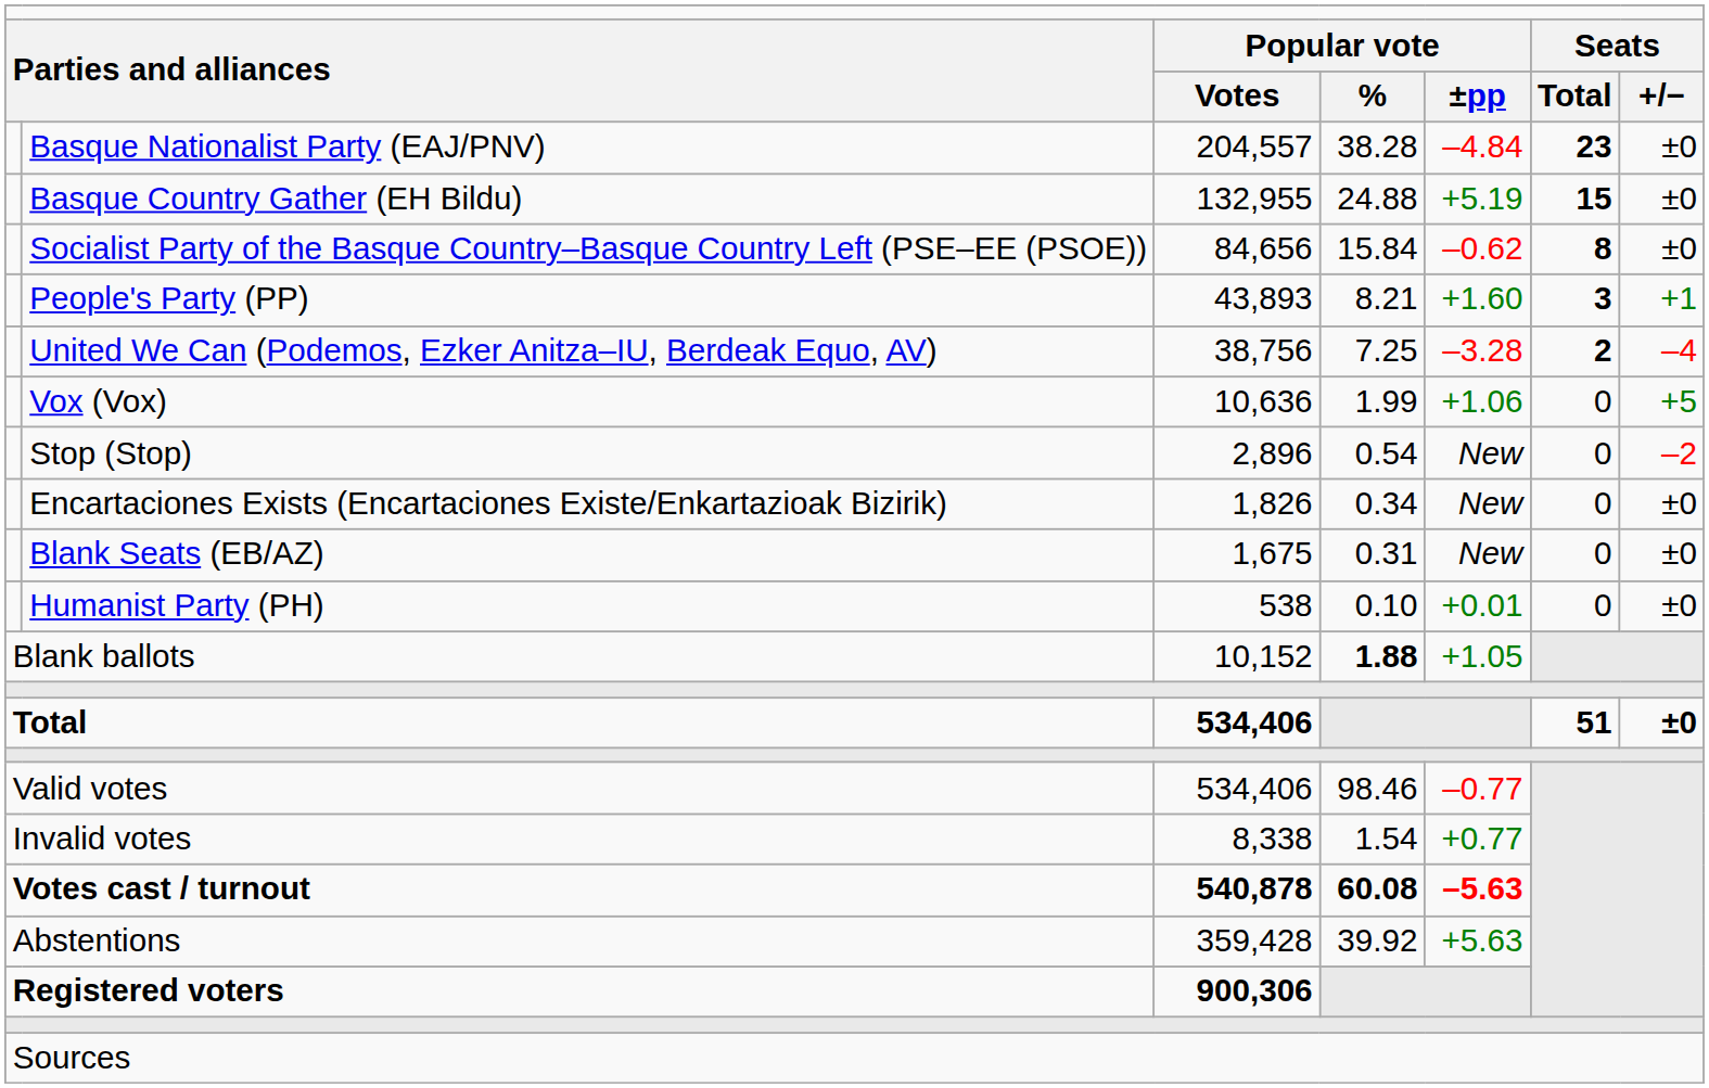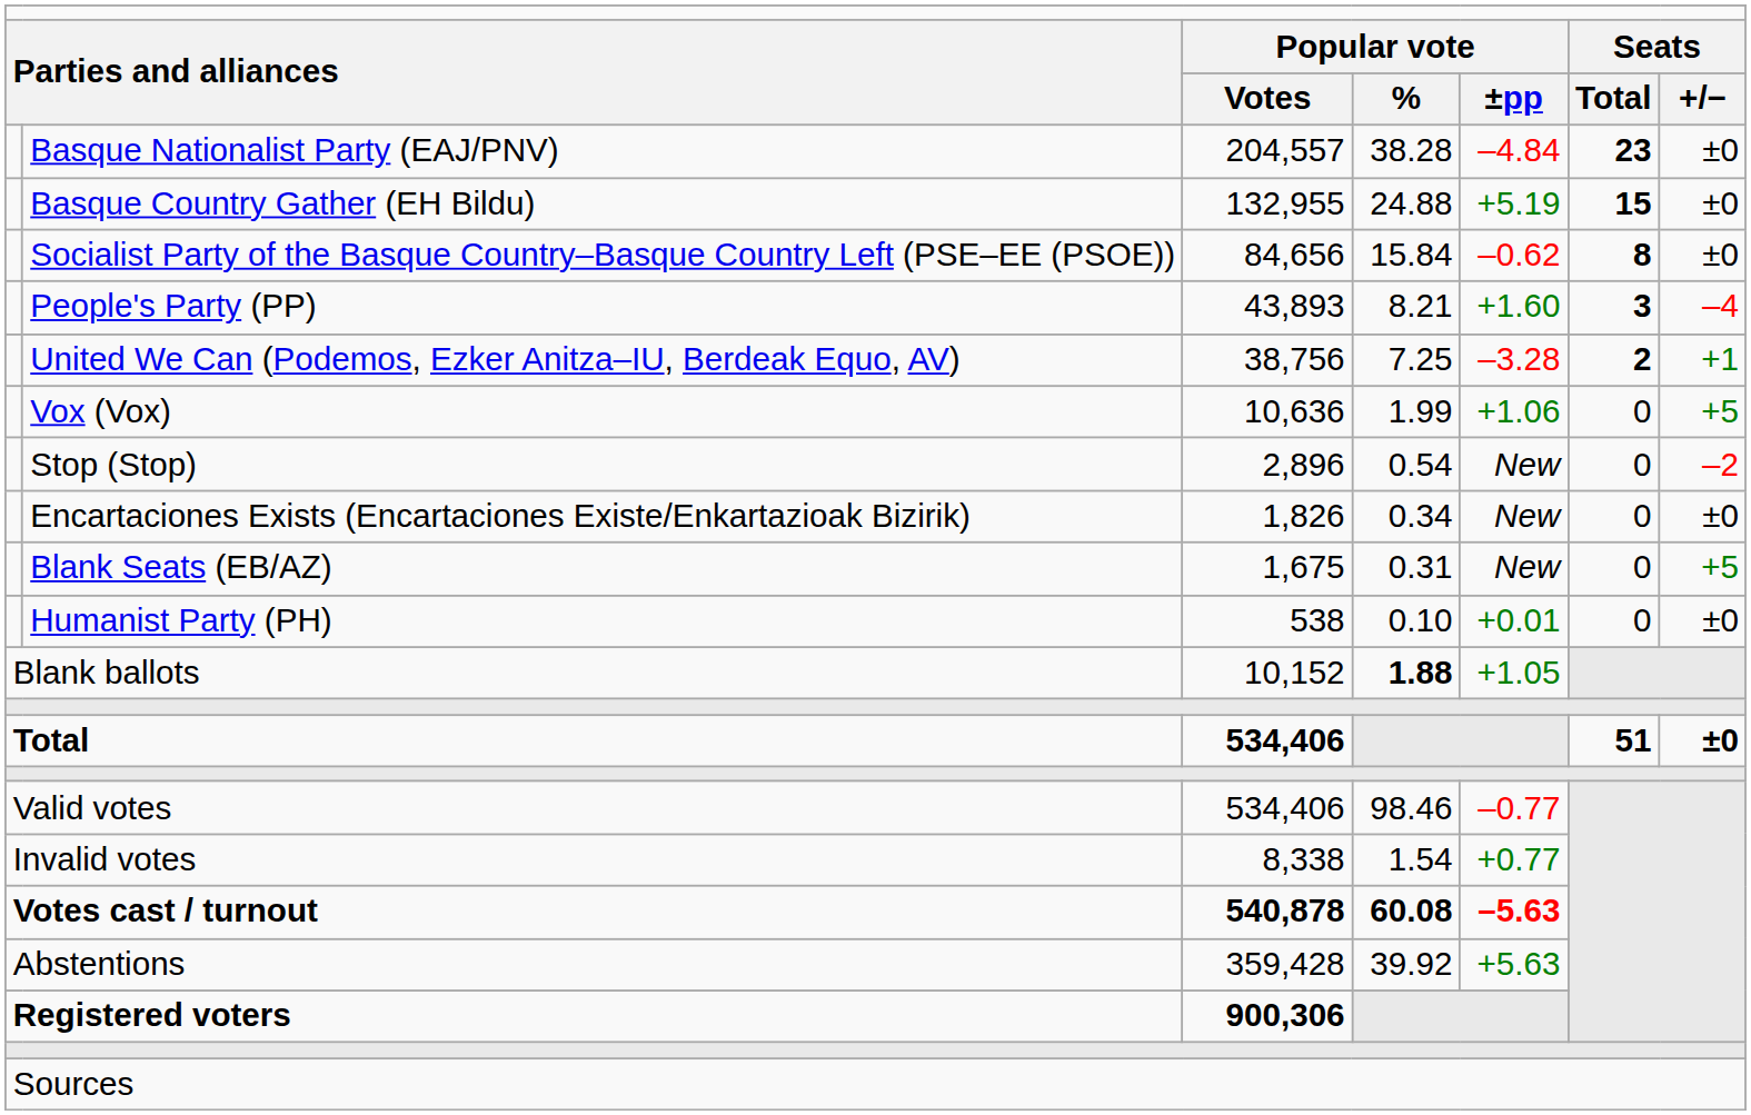 <table class="wikitable" style="text-align:right;">
 <tr>
 <td colspan="7"></td>
 </tr>
 <tr>
 <th style="text-align:left;" rowspan="2" colspan="2" width="525">Parties and alliances</th>
 <th colspan="3">Popular vote</th>
 <th colspan="2">Seats</th>
 </tr>
 <tr>
 <th width="75">Votes</th>
 <th width="45">%</th>
 <th width="45">±<a href='#'>pp</a></th>
 <th width="35">Total</th>
 <th width="35">+/−</th>
 </tr>
 <tr>
 <td width="1" style="color:inherit;background:"></td>
 <td align="left"><a href='#'>Basque Nationalist Party</a> (EAJ/PNV)</td>
 <td>204,557</td>
 <td>38.28</td>
 <td style="color:red;">–4.84</td>
 <td><strong>23</strong></td>
 <td>±0</td>
 </tr>
 <tr>
 <td style="color:inherit;background:"></td>
 <td align="left"><a href='#'>Basque Country Gather</a> (EH Bildu)</td>
 <td>132,955</td>
 <td>24.88</td>
 <td style="color:green;">+5.19</td>
 <td><strong>15</strong></td>
 <td>±0</td>
 </tr>
 <tr>
 <td style="color:inherit;background:"></td>
 <td align="left"><a href='#'>Socialist Party of the Basque Country–Basque Country Left</a> (PSE–EE (PSOE))</td>
 <td>84,656</td>
 <td>15.84</td>
 <td style="color:red;">–0.62</td>
 <td><strong>8</strong></td>
 <td>±0</td>
 </tr>
 <tr>
 <td style="color:inherit;background:"></td>
 <td align="left"><a href='#'>People's Party</a> (PP)</td>
 <td>43,893</td>
 <td>8.21</td>
 <td style="color:green;">+1.60</td>
 <td><strong>3</strong></td>
-<td style="color:green;">+1</td>
+<td style="color:red;">–4</td>
 </tr>
 <tr>
 <td style="color:inherit;background:"></td>
 <td align="left"><a href='#'>United We Can</a> (<a href='#'>Podemos</a>, <a href='#'>Ezker Anitza–IU</a>, <a href='#'>Berdeak Equo</a>, <a href='#'>AV</a>)</td>
 <td>38,756</td>
 <td>7.25</td>
 <td style="color:red;">–3.28</td>
 <td><strong>2</strong></td>
-<td style="color:red;">–4</td>
+<td style="color:green;">+1</td>
 </tr>
 <tr>
 <td style="color:inherit;background:"></td>
 <td align="left"><a href='#'>Vox</a> (Vox)</td>
 <td>10,636</td>
 <td>1.99</td>
 <td style="color:green;">+1.06</td>
 <td>0</td>
 <td style="color:green;">+5</td>
 </tr>
 <tr>
 <td style="color:inherit;background:"></td>
 <td align="left">Stop (Stop)</td>
 <td>2,896</td>
 <td>0.54</td>
 <td><em>New</em></td>
 <td>0</td>
 <td style="color:red;">–2</td>
 </tr>
 <tr>
 <td style="color:inherit;background:"></td>
 <td align="left">Encartaciones Exists (Encartaciones Existe/Enkartazioak Bizirik)</td>
 <td>1,826</td>
 <td>0.34</td>
 <td><em>New</em></td>
 <td>0</td>
 <td>±0</td>
 </tr>
 <tr>
 <td style="color:inherit;background:"></td>
 <td align="left"><a href='#'>Blank Seats</a> (EB/AZ)</td>
 <td>1,675</td>
 <td>0.31</td>
 <td><em>New</em></td>
 <td>0</td>
-<td>±0</td>
+<td style="color:green;">+5</td>
 </tr>
 <tr>
 <td style="color:inherit;background:"></td>
 <td align="left"><a href='#'>Humanist Party</a> (PH)</td>
 <td>538</td>
 <td>0.10</td>
 <td style="color:green;">+0.01</td>
 <td>0</td>
 <td>±0</td>
 </tr>
 <tr>
 <td align="left" colspan="2">Blank ballots</td>
 <td>10,152</td>
 <td><strong>1.88</strong></td>
 <td style="color:green;">+1.05</td>
 <td bgcolor="#E9E9E9" colspan="2"></td>
 </tr>
 <tr>
 <td colspan="7" bgcolor="#E9E9E9"></td>
 </tr>
 <tr style="font-weight:bold;">
 <td align="left" colspan="2">Total</td>
 <td>534,406</td>
 <td bgcolor="#E9E9E9" colspan="2"></td>
 <td>51</td>
 <td>±0</td>
 </tr>
 <tr>
 <td colspan="7" bgcolor="#E9E9E9"></td>
 </tr>
 <tr>
 <td align="left" colspan="2">Valid votes</td>
 <td>534,406</td>
 <td>98.46</td>
 <td style="color:red;">–0.77</td>
 <td bgcolor="#E9E9E9" colspan="2" rowspan="5"></td>
 </tr>
 <tr>
 <td align="left" colspan="2">Invalid votes</td>
 <td>8,338</td>
 <td>1.54</td>
 <td style="color:green;">+0.77</td>
 </tr>
 <tr style="font-weight:bold;">
 <td align="left" colspan="2">Votes cast / turnout</td>
 <td>540,878</td>
 <td>60.08</td>
 <td style="color:red;">–5.63</td>
 </tr>
 <tr>
 <td align="left" colspan="2">Abstentions</td>
 <td>359,428</td>
 <td>39.92</td>
 <td style="color:green;">+5.63</td>
 </tr>
 <tr style="font-weight:bold;">
 <td align="left" colspan="2">Registered voters</td>
 <td>900,306</td>
 <td bgcolor="#E9E9E9" colspan="2"></td>
 </tr>
 <tr>
 <td colspan="7" bgcolor="#E9E9E9"></td>
 </tr>
 <tr>
 <td align="left" colspan="7">Sources</td>
 </tr>
 </table>
